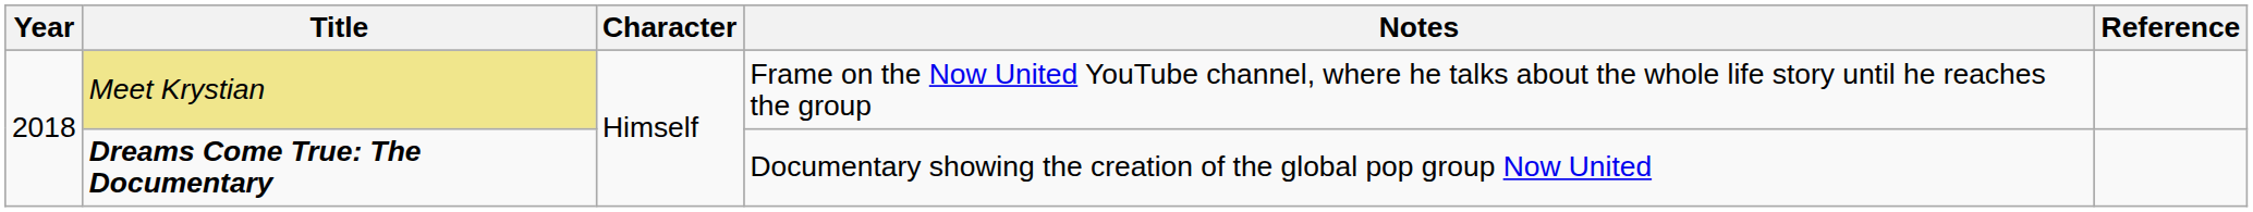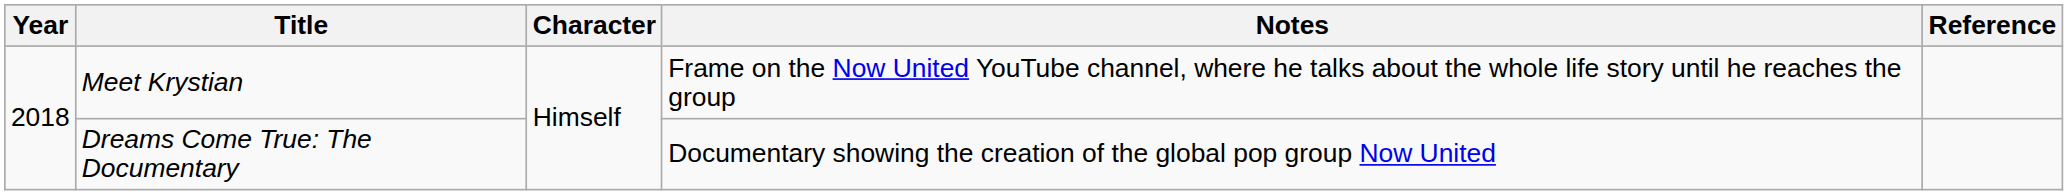 <table class="wikitable">
 <tr>
 <th>Year</th>
 <th>Title</th>
 <th>Character</th>
 <th>Notes</th>
 <th>Reference</th>
 </tr>
 <tr>
 <td rowspan="2">2018</td>
-<td style="background: khaki;"><em>Meet Krystian</em></td>
+<td><em>Meet Krystian</em></td>
 <td rowspan="2">Himself</td>
 <td>Frame on the <a href='#'>Now United</a> YouTube channel, where he talks about the whole life story until he reaches the group</td>
 <td></td>
 </tr>
 <tr>
-<td><strong><em>Dreams Come True: The Documentary</em></strong></td>
+<td><em>Dreams Come True: The Documentary</em></td>
 <td>Documentary showing the creation of the global pop group <a href='#'>Now United</a></td>
 <td></td>
 </tr>
 </table>
